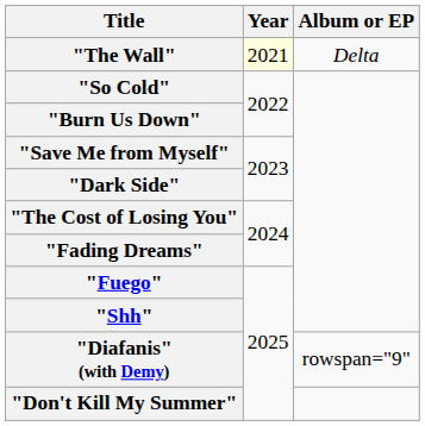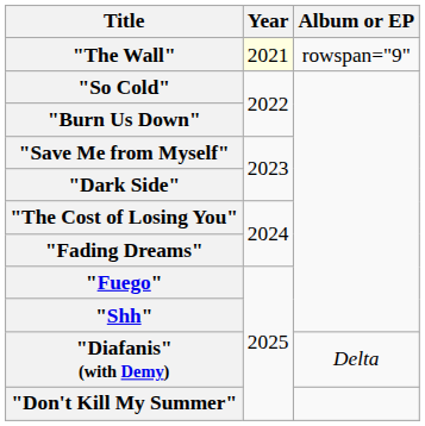 <table class="wikitable plainrowheaders" style="text-align:center;">
 <tr>
 <th>Title</th>
 <th>Year</th>
 <th>Album or EP</th>
 </tr>
 <tr>
 <th scope="row">"The Wall"</th>
 <td style="background: lightyellow;">2021</td>
-<td><em>Delta</em></td>
+<td>rowspan="9" </td>
 </tr>
 <tr>
 <th scope="row">"So Cold"</th>
 <td rowspan="2">2022</td>
 </tr>
 <tr>
 <th scope="row">"Burn Us Down"</th>
 </tr>
 <tr>
 <th scope="row">"Save Me from Myself"</th>
 <td rowspan="2">2023</td>
 </tr>
 <tr>
 <th scope="row">"Dark Side"</th>
 </tr>
 <tr>
 <th scope="row">"The Cost of Losing You"</th>
 <td rowspan="2">2024</td>
 </tr>
 <tr>
 <th scope="row">"Fading Dreams"</th>
 </tr>
 <tr>
 <th scope="row">"<a href='#'>Fuego</a>"</th>
 <td rowspan="4">2025</td>
 </tr>
 <tr>
 <th scope="row">"<a href='#'>Shh</a>"</th>
 </tr>
 <tr>
 <th scope="row">"Diafanis" <br><small>(with <a href='#'>Demy</a>)</small></th>
-<td>rowspan="9" </td>
+<td><em>Delta</em></td>
 </tr>
 <tr>
 <th scope="row">"Don't Kill My Summer"</th>
 <td></td>
 </tr>
 </table>
